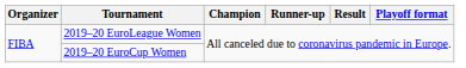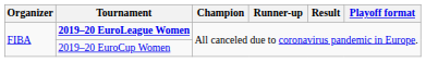 <table class="wikitable" style="font-size:90%">
 <tr>
 <th>Organizer</th>
 <th>Tournament</th>
 <th>Champion</th>
 <th>Runner-up</th>
 <th>Result</th>
 <th><a href='#'>Playoff format</a></th>
 </tr>
 <tr>
 <td rowspan="2"><a href='#'>FIBA</a></td>
-<td><a href='#'>2019–20 EuroLeague Women</a></td>
+<td><strong><a href='#'>2019–20 EuroLeague Women</a></strong></td>
 <td colspan="4" rowspan="2">All canceled due to <a href='#'>coronavirus pandemic in Europe</a>.</td>
 </tr>
 <tr>
 <td><a href='#'>2019–20 EuroCup Women</a></td>
 </tr>
 </table>
